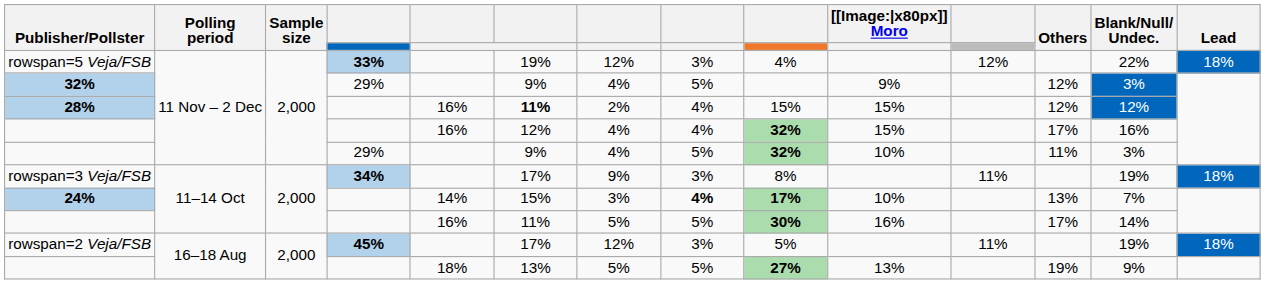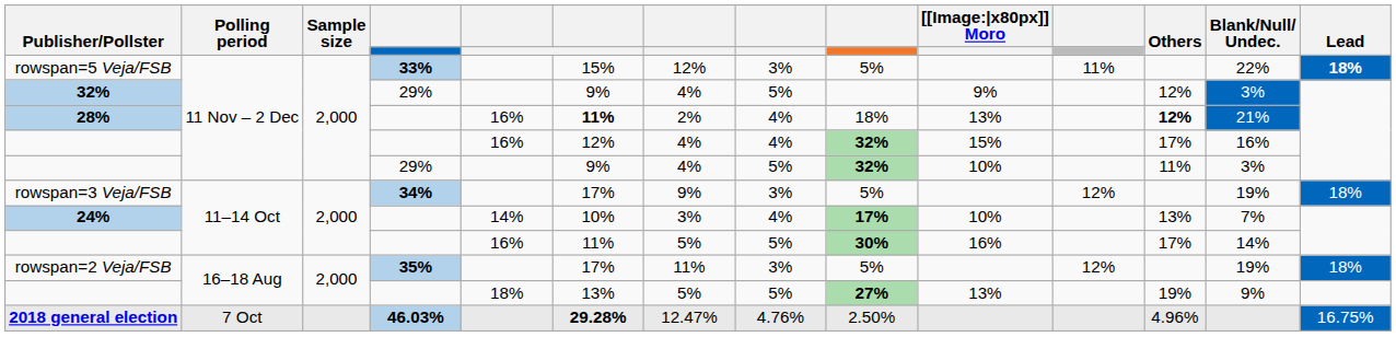 <table class="nowrap wikitable" style=text-align:center;font-size:85%;line-height:14px>
 <tr style=vertical-align:bottom>
 <th rowspan=2>Publisher/Pollster</th>
 <th rowspan=2>Polling<br>period</th>
 <th rowspan=2>Sample<br>size</th>
 <th style=width:5em><br></th>
 <th style=width:5em><br></th>
 <th style=width:5em><br></th>
 <th style=width:5em><br></th>
 <th style=width:5em><br></th>
 <th style=width:5em><br></th>
 <th style=width:5em>[[Image:|x80px]]<br><a href='#'>Moro</a><br></th>
 <th style=width:5em><br></th>
 <th rowspan=2>Others</th>
 <th rowspan=2>Blank/Null/<br>Undec.</th>
 <th style=width:5em rowspan=2>Lead</th>
 </tr>
 <tr>
 <th style=background:#0067bc></th>
 <th colspan=2 style=background:></th>
 <th style=background:></th>
 <th style=background:></th>
 <th style=background:#f0762a></th>
 <th style=background:></th>
 <th style=background:#BBB></th>
 </tr>
 <tr>
 <td>rowspan=5  <em>Veja/FSB</em></td>
 <td rowspan=5>11 Nov – 2 Dec</td>
 <td rowspan=5>2,000</td>
 <td style=background:#b2d1ea;font-weight:bold>33%</td>
 <td></td>
-<td>19%</td>
+<td>15%</td>
 <td>12%</td>
 <td>3%</td>
-<td>4%</td>
+<td>5%</td>
 <td></td>
-<td>12%</td>
+<td>11%</td>
 <td></td>
 <td>22%</td>
-<td style=background:#0067bc;color:white>18%</td>
+<td style=background:#0067bc;color:white><strong>18%</strong></td>
 </tr>
 <tr>
 <td style=background:#b2d1ea;font-weight:bold>32%</td>
 <td>29%</td>
 <td></td>
 <td>9%</td>
 <td>4%</td>
 <td>5%</td>
 <td></td>
 <td>9%</td>
 <td></td>
 <td>12%</td>
 <td style=background:#0067bc;color:white>3%</td>
 </tr>
 <tr>
 <td style=background:#b2d1ea;font-weight:bold>28%</td>
 <td></td>
 <td>16%</td>
 <td><strong>11%</strong></td>
 <td>2%</td>
 <td>4%</td>
-<td>15%</td>
-<td>15%</td>
+<td>18%</td>
+<td>13%</td>
 <td></td>
-<td>12%</td>
-<td style=background:#0067bc;color:white>12%</td>
+<td><strong>12%</strong></td>
+<td style=background:#0067bc;color:white>21%</td>
 </tr>
 <tr>
 <td></td>
 <td></td>
 <td>16%</td>
 <td>12%</td>
 <td>4%</td>
 <td>4%</td>
 <td style=background:#ABDCAD;font-weight:bold>32%</td>
 <td>15%</td>
 <td></td>
 <td>17%</td>
 <td style=background:>16%</td>
 </tr>
 <tr>
 <td></td>
 <td>29%</td>
 <td></td>
 <td>9%</td>
 <td>4%</td>
 <td>5%</td>
 <td style=background:#ABDCAD;font-weight:bold>32%</td>
 <td>10%</td>
 <td></td>
 <td>11%</td>
 <td style=background:>3%</td>
 </tr>
 <tr>
 <td>rowspan=3  <em>Veja/FSB</em></td>
 <td rowspan=3>11–14 Oct</td>
 <td rowspan=3>2,000</td>
 <td style=background:#b2d1ea;font-weight:bold>34%</td>
 <td></td>
 <td>17%</td>
 <td>9%</td>
 <td>3%</td>
-<td>8%</td>
+<td>5%</td>
 <td></td>
-<td>11%</td>
+<td>12%</td>
 <td></td>
 <td>19%</td>
 <td style=background:#0067bc;color:white>18%</td>
 </tr>
 <tr>
 <td style=background:#b2d1ea;font-weight:bold>24%</td>
 <td></td>
 <td>14%</td>
-<td>15%</td>
+<td>10%</td>
 <td>3%</td>
-<td><strong>4%</strong></td>
+<td>4%</td>
 <td style=background:#ABDCAD;font-weight:bold>17%</td>
 <td>10%</td>
 <td></td>
 <td>13%</td>
 <td style=background:>7%</td>
 </tr>
 <tr>
 <td></td>
 <td></td>
 <td>16%</td>
 <td>11%</td>
 <td>5%</td>
 <td>5%</td>
 <td style=background:#ABDCAD;font-weight:bold>30%</td>
 <td>16%</td>
 <td></td>
 <td>17%</td>
 <td style=background:>14%</td>
 </tr>
 <tr>
 <td>rowspan=2  <em>Veja/FSB</em></td>
 <td rowspan=2>16–18 Aug</td>
 <td rowspan=2>2,000</td>
-<td style=background:#b2d1ea;font-weight:bold>45%</td>
+<td style=background:#b2d1ea;font-weight:bold>35%</td>
 <td></td>
 <td>17%</td>
-<td>12%</td>
+<td>11%</td>
 <td>3%</td>
 <td>5%</td>
 <td></td>
-<td>11%</td>
+<td>12%</td>
 <td></td>
 <td>19%</td>
 <td style=background:#0067bc;color:white>18%</td>
 </tr>
 <tr>
 <td></td>
 <td></td>
 <td>18%</td>
 <td>13%</td>
 <td>5%</td>
 <td>5%</td>
 <td style=background:#ABDCAD;font-weight:bold>27%</td>
 <td>13%</td>
 <td></td>
 <td>19%</td>
 <td style=background:>9%</td>
 </tr>
+<tr style=background:#E9E9E9>
+<td><strong><a href='#'>2018 general election</a></strong></td>
+<td>7 Oct</td>
+<td></td>
+<td style=background:#b2d1ea;font-weight:bold>46.03%</td>
+<td></td>
+<td><strong>29.28%</strong></td>
+<td>12.47%</td>
+<td>4.76%</td>
+<td>2.50%</td>
+<td></td>
+<td></td>
+<td>4.96%</td>
+<td></td>
+<td style=background:#0067bc;color:white>16.75%</td>
+</tr>
 </table>
